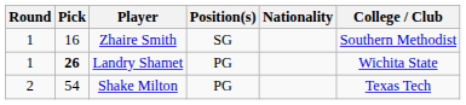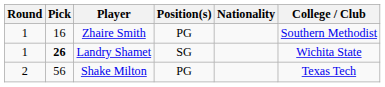 <table class="wikitable sortable sortable">
 <tr>
 <th>Round</th>
 <th>Pick</th>
 <th>Player</th>
 <th>Position(s)</th>
 <th>Nationality</th>
 <th>College / Club</th>
 </tr>
 <tr style="text-align: center">
 <td>1</td>
 <td>16</td>
 <td><a href='#'>Zhaire Smith</a></td>
-<td>SG</td>
+<td>PG</td>
 <td></td>
 <td><a href='#'>Southern Methodist</a></td>
 </tr>
 <tr style="text-align: center">
 <td>1</td>
 <td><strong>26</strong></td>
 <td><a href='#'>Landry Shamet</a></td>
-<td>PG</td>
+<td>SG</td>
 <td></td>
 <td><a href='#'>Wichita State</a></td>
 </tr>
 <tr style="text-align: center">
 <td>2</td>
-<td>54</td>
+<td>56</td>
 <td><a href='#'>Shake Milton</a></td>
 <td>PG</td>
 <td></td>
 <td><a href='#'>Texas Tech</a></td>
 </tr>
 </table>
